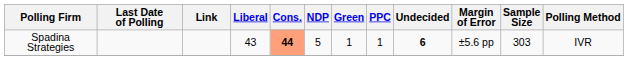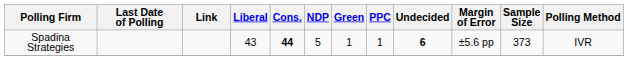 <table class="wikitable sortable" style="text-align:center;font-size:90%;line-height:14px;">
 <tr style="background:#e9e9e9;">
 <th style="width:120px">Polling Firm</th>
 <th style="width:110px">Last Date<br>of Polling</th>
 <th style="width:60px" class="unsortable">Link</th>
 <th style="background-color:"><a href='#'>Liberal</a></th>
 <th style="background-color:"><a href='#'>Cons.</a></th>
 <th style="background-color:"><a href='#'>NDP</a></th>
 <th style="background-color:"><a href='#'>Green</a></th>
 <th style="background-color:"><a href='#'><span>PPC</span></a></th>
 <th style="background-color:">Undecided</th>
 <th style="width:60px;" class=unsortable>Margin<br>of Error</th>
 <th style="width:50px;" class=unsortable>Sample<br>Size</th>
 <th class=unsortable>Polling Method</th>
 </tr>
 <tr>
 <td>Spadina Strategies</td>
 <td></td>
 <td></td>
 <td>43</td>
-<td style="background: lightsalmon;"><strong>44</strong></td>
+<td><strong>44</strong></td>
 <td>5</td>
 <td>1</td>
 <td>1</td>
 <td><strong>6</strong></td>
 <td>±5.6 pp</td>
-<td>303</td>
+<td>373</td>
 <td>IVR</td>
 </tr>
 <tr>
 </tr>
 </table>
